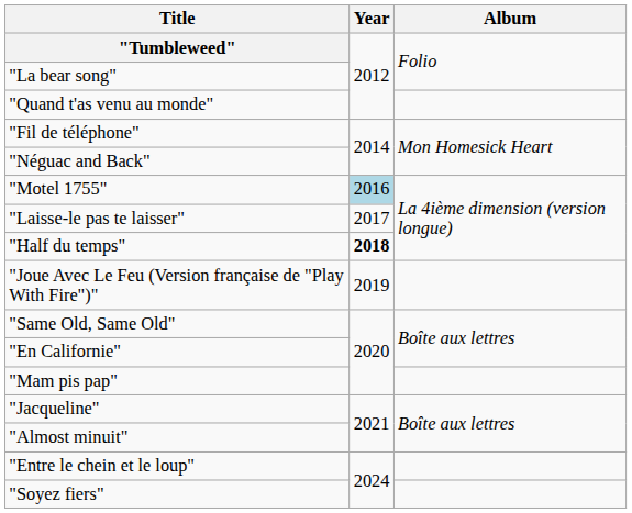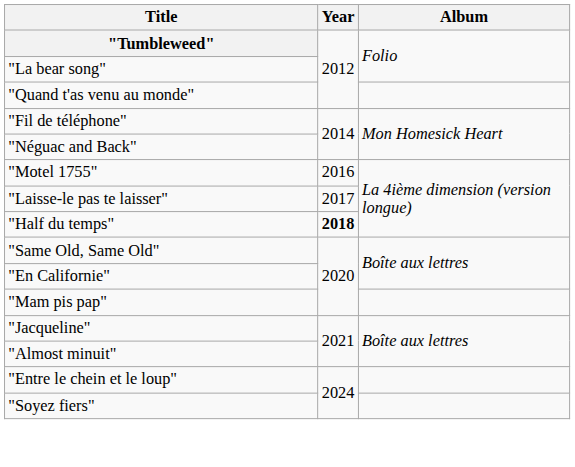 <table class="wikitable plainrowheaders">
 <tr>
 <th style="text-align:center" width="300">Title</th>
 <th style="text-align:center" width="20">Year</th>
 <th style="text-align:center" width="200">Album</th>
 </tr>
 <tr>
 <th scope="row">"Tumbleweed"</th>
 <td rowspan="3">2012</td>
 <td rowspan="2"><em>Folio</em></td>
 </tr>
 <tr>
 <td>"La bear song"</td>
 </tr>
 <tr>
 <td>"Quand t'as venu au monde"</td>
 <td></td>
 </tr>
 <tr>
 <td>"Fil de téléphone"</td>
 <td rowspan="2">2014</td>
 <td rowspan="2"><em>Mon Homesick Heart</em></td>
 </tr>
 <tr>
 <td>"Néguac and Back"</td>
 </tr>
 <tr>
 <td>"Motel 1755"</td>
-<td style="background: lightblue;">2016</td>
+<td>2016</td>
 <td rowspan="3"><em>La 4ième dimension (version longue)</em></td>
 </tr>
 <tr>
 <td>"Laisse-le pas te laisser"</td>
 <td>2017</td>
 </tr>
 <tr>
 <td>"Half du temps"</td>
 <td><strong>2018</strong></td>
-</tr>
-<tr>
-<td>"Joue Avec Le Feu (Version fran​ç​aise de "Play With Fire")"</td>
-<td>2019</td>
-<td></td>
 </tr>
 <tr>
 <td>"Same Old, Same Old"</td>
 <td rowspan="3">2020</td>
 <td rowspan="2"><em>Boîte aux lettres</em></td>
 </tr>
 <tr>
 <td>"En Californie"</td>
 </tr>
 <tr>
 <td>"Mam pis pap"</td>
 <td></td>
 </tr>
 <tr>
 <td>"Jacqueline"</td>
 <td rowspan="2">2021</td>
 <td rowspan="2"><em>Boîte aux lettres</em></td>
 </tr>
 <tr>
 <td>"Almost minuit"</td>
 </tr>
 <tr>
 <td>"Entre le chein et le loup"</td>
 <td rowspan="2">2024</td>
 <td></td>
 </tr>
 <tr>
 <td>"Soyez fiers"</td>
 <td></td>
 </tr>
 </table>
